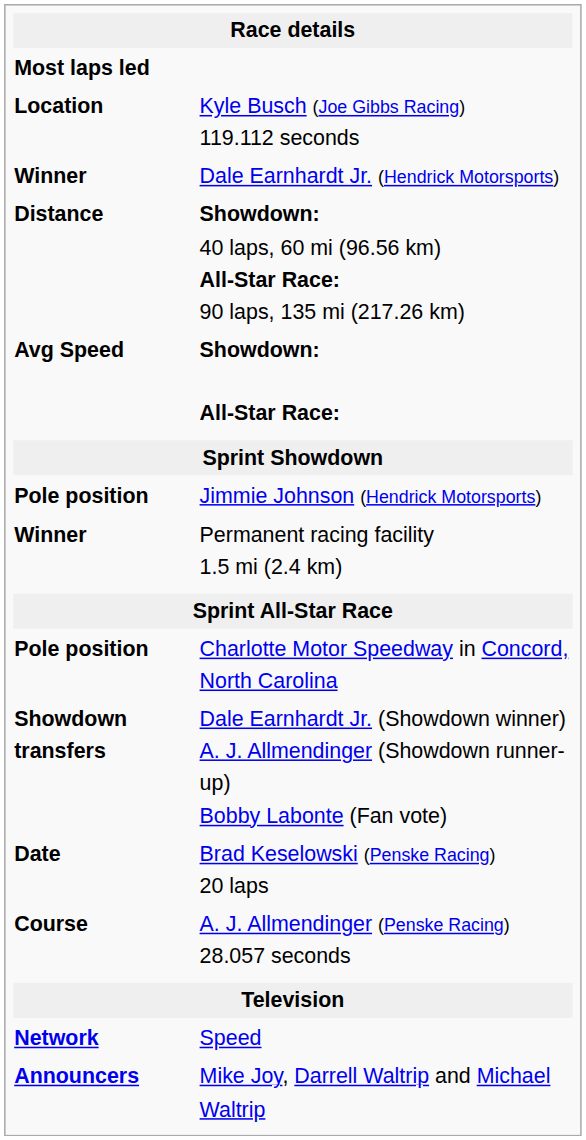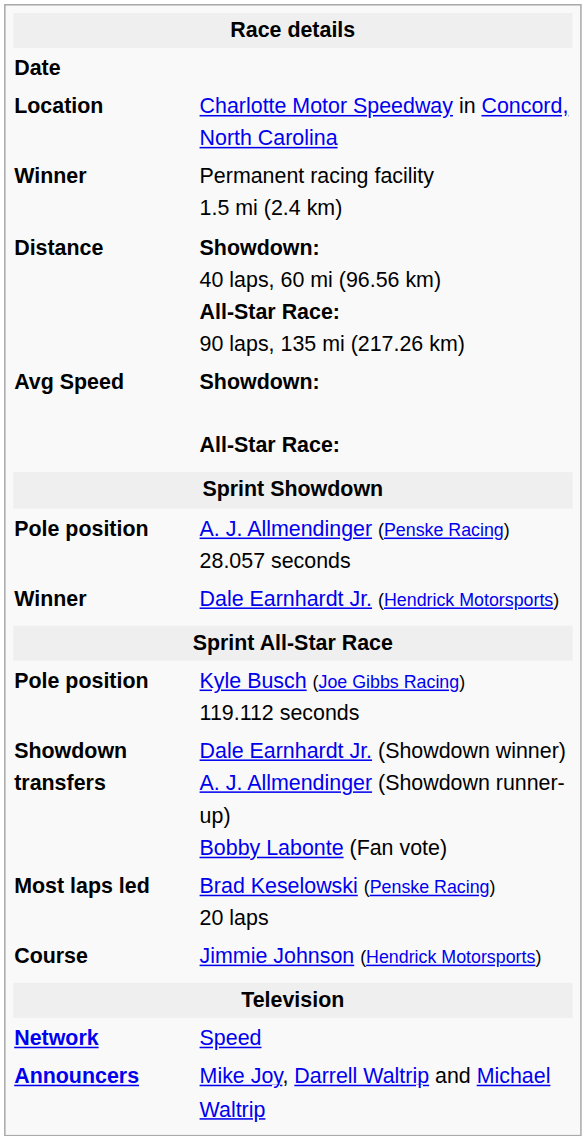 <table class="infobox vevent" style="width: 27em; font-size: 88%; line-height: 1.5em">
 <tr style="text-align: center; background: #ffffff;">
 <td align="center" style="background:#efefef;" colspan=2><strong>Race details</strong></td>
 </tr>
 <tr style="vertical-align: middle;">
-<td><strong>Most laps led</strong></td>
+<td><strong>Date</strong></td>
 <td></td>
 </tr>
 <tr style="vertical-align: middle;">
 <td><strong>Location</strong></td>
-<td><a href='#'>Kyle Busch</a>     <small>(<a href='#'>Joe Gibbs Racing</a>)</small><br>119.112 seconds</td>
+<td><a href='#'>Charlotte Motor Speedway</a> in <a href='#'>Concord, North Carolina</a></td>
 </tr>
 <tr style="vertical-align: middle;">
 <td><strong>Winner</strong></td>
-<td><a href='#'>Dale Earnhardt Jr.</a> <small>(<a href='#'>Hendrick Motorsports</a>)</small></td>
+<td>Permanent racing facility<br>1.5 mi (2.4 km)</td>
 </tr>
 <tr style="vertical-align: middle;">
 <td><strong>Distance</strong></td>
 <td><strong>Showdown:</strong><br>40 laps, 60 mi (96.56 km)<br><strong>All-Star Race:</strong><br>90 laps, 135 mi (217.26 km)</td>
 </tr>
 <tr style="vertical-align: middle;">
 <td><strong>Avg Speed</strong></td>
 <td><strong>Showdown:</strong><br><br><strong>All-Star Race:</strong><br></td>
 </tr>
 <tr style="vertical-align: middle;">
 <td></td>
 </tr>
 <tr>
 <td align="center" style="background:#efefef;" colspan=2><strong>Sprint Showdown</strong></td>
 </tr>
 <tr style="vertical-align: middle;">
 <td><strong>Pole position</strong></td>
-<td><a href='#'>Jimmie Johnson</a> <small>(<a href='#'>Hendrick Motorsports</a>)</small></td>
+<td><a href='#'>A. J. Allmendinger</a> <small>(<a href='#'>Penske Racing</a>)</small><br>28.057 seconds</td>
 </tr>
 <tr style="vertical-align: middle;">
 <td><strong>Winner</strong></td>
-<td>Permanent racing facility<br>1.5 mi (2.4 km)</td>
+<td><a href='#'>Dale Earnhardt Jr.</a> <small>(<a href='#'>Hendrick Motorsports</a>)</small></td>
 </tr>
 <tr style="vertical-align: middle;">
 <td></td>
 </tr>
 <tr>
 <td align="center" style="background:#efefef;" colspan=2><strong>Sprint All-Star Race</strong></td>
 </tr>
 <tr style="vertical-align: middle;">
 <td><strong>Pole position</strong></td>
-<td><a href='#'>Charlotte Motor Speedway</a> in <a href='#'>Concord, North Carolina</a></td>
+<td><a href='#'>Kyle Busch</a>     <small>(<a href='#'>Joe Gibbs Racing</a>)</small><br>119.112 seconds</td>
 </tr>
 <tr style="vertical-align: middle;">
 <td><strong>Showdown transfers</strong></td>
 <td><a href='#'>Dale Earnhardt Jr.</a> (Showdown winner)<br><a href='#'>A. J. Allmendinger</a> (Showdown runner-up)<br><a href='#'>Bobby Labonte</a> (Fan vote)</td>
 </tr>
 <tr style="vertical-align: middle;">
-<td><strong>Date</strong></td>
+<td><strong>Most laps led</strong></td>
 <td><a href='#'>Brad Keselowski</a> <small>(<a href='#'>Penske Racing</a>)</small><br>20 laps</td>
 </tr>
 <tr style="vertical-align: middle;">
 <td><strong>Course</strong></td>
-<td><a href='#'>A. J. Allmendinger</a> <small>(<a href='#'>Penske Racing</a>)</small><br>28.057 seconds</td>
+<td><a href='#'>Jimmie Johnson</a> <small>(<a href='#'>Hendrick Motorsports</a>)</small></td>
 </tr>
 <tr style="vertical-align: middle;">
 <td></td>
 </tr>
 <tr>
 <td align="center" style="background:#efefef;" colspan=2><strong>Television</strong></td>
 </tr>
 <tr style="vertical-align: middle;">
 <td><strong><a href='#'>Network</a></strong></td>
 <td><a href='#'>Speed</a></td>
 </tr>
 <tr style="vertical-align: middle;">
 <td><strong><a href='#'>Announcers</a></strong></td>
 <td><a href='#'>Mike Joy</a>, <a href='#'>Darrell Waltrip</a> and <a href='#'>Michael Waltrip</a></td>
 </tr>
 </table>
